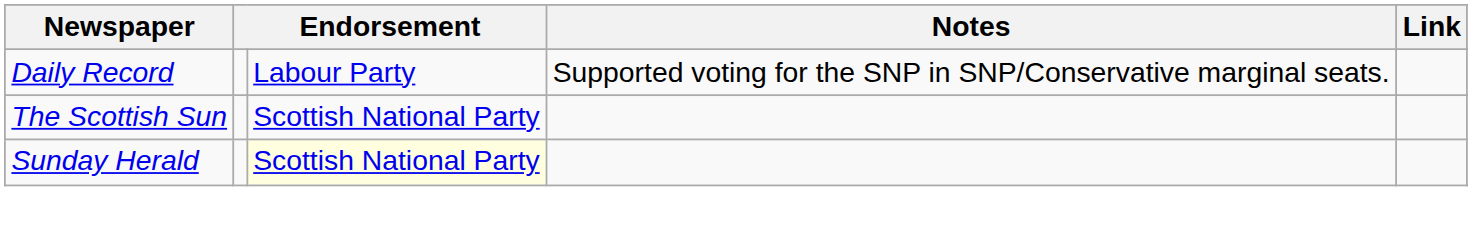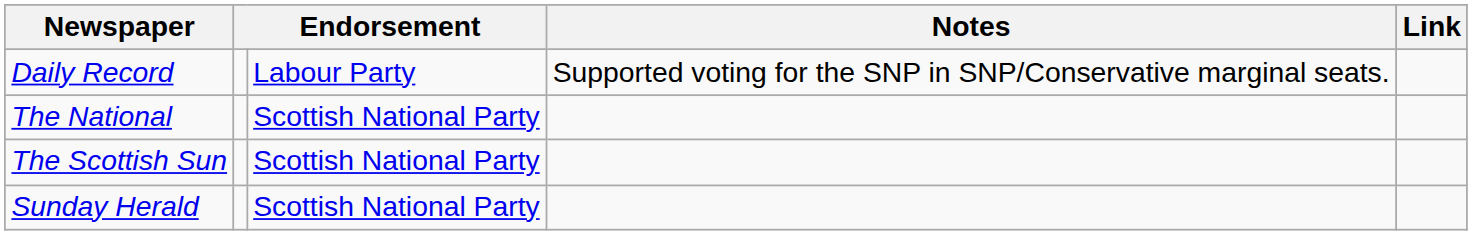 <table class="wikitable">
 <tr>
 <th>Newspaper</th>
 <th colspan=2>Endorsement</th>
 <th>Notes</th>
 <th>Link</th>
 </tr>
 <tr>
 <td><em><a href='#'>Daily Record</a></em></td>
 <td style="background-color: "></td>
 <td><a href='#'>Labour Party</a></td>
 <td>Supported voting for the SNP in SNP/Conservative marginal seats.</td>
 <td></td>
 </tr>
 <tr>
+<td><em><a href='#'>The National</a></em></td>
+<td style="background-color: "></td>
+<td><a href='#'>Scottish National Party</a></td>
+<td></td>
+<td></td>
+</tr>
+<tr>
 <td><em><a href='#'>The Scottish Sun</a></em></td>
 <td style="background-color: "></td>
 <td><a href='#'>Scottish National Party</a></td>
 <td></td>
 <td></td>
 </tr>
 <tr>
 <td><em><a href='#'>Sunday Herald</a></em></td>
 <td style="background-color: "></td>
-<td style="background: lightyellow;"><a href='#'>Scottish National Party</a></td>
+<td><a href='#'>Scottish National Party</a></td>
 <td></td>
 <td></td>
 </tr>
 </table>
